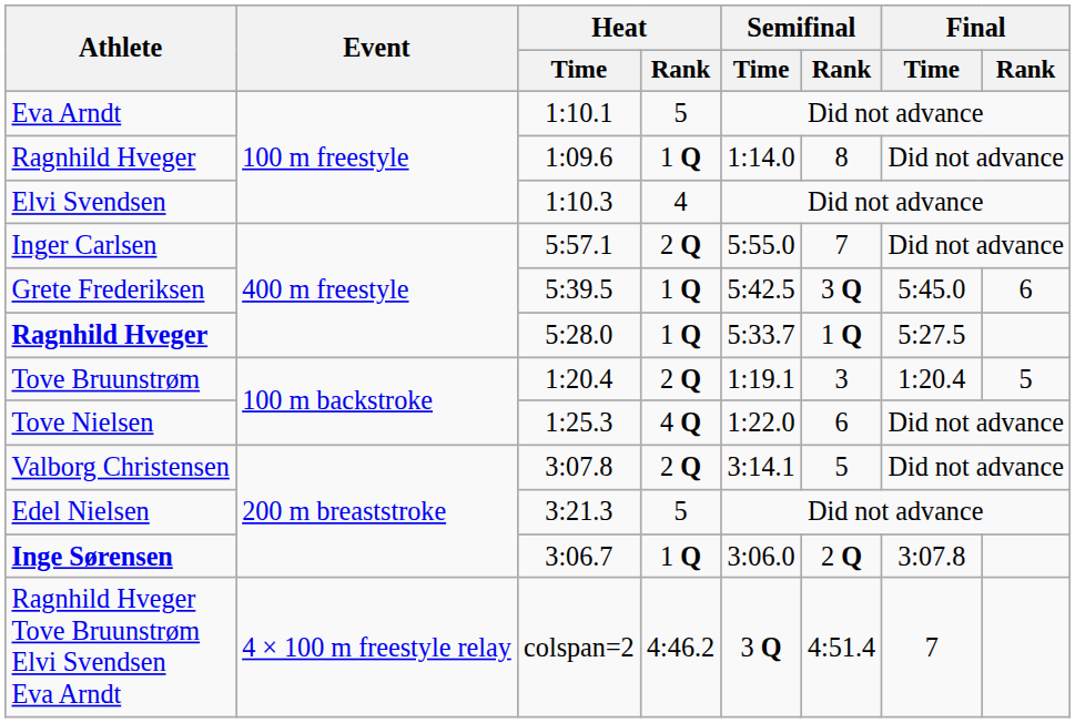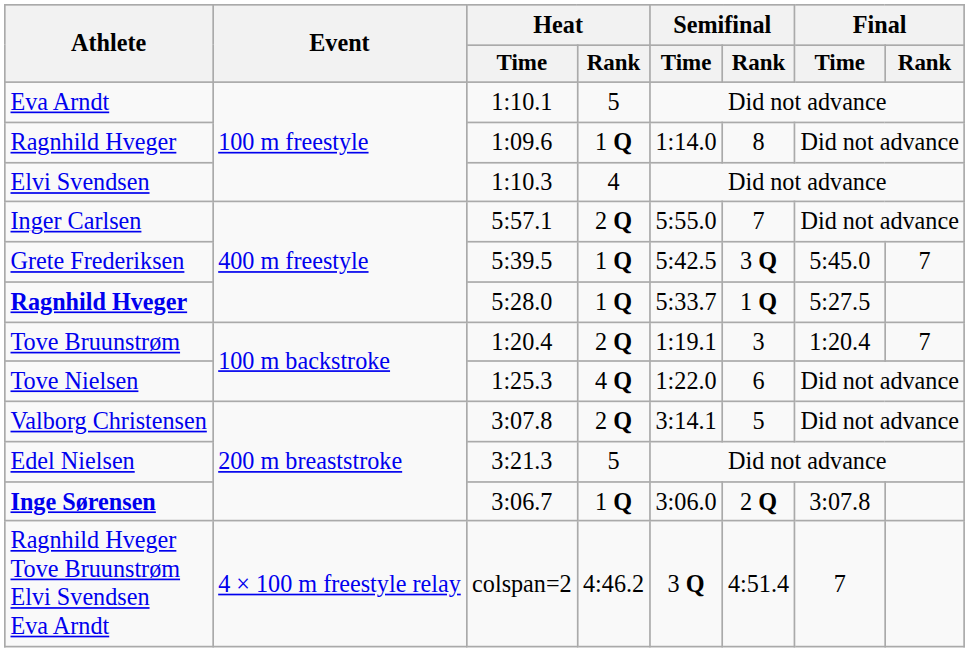 <table class=wikitable style="font-size:90%;">
 <tr>
 <th rowspan=2>Athlete</th>
 <th rowspan=2>Event</th>
 <th colspan=2>Heat</th>
 <th colspan=2>Semifinal</th>
 <th colspan=2>Final</th>
 </tr>
 <tr style="font-size:95%">
 <th>Time</th>
 <th>Rank</th>
 <th>Time</th>
 <th>Rank</th>
 <th>Time</th>
 <th>Rank</th>
 </tr>
 <tr align=center>
 <td align=left><a href='#'>Eva Arndt</a></td>
 <td rowspan=3 align=left><a href='#'>100 m freestyle</a></td>
 <td>1:10.1</td>
 <td>5</td>
 <td colspan=4>Did not advance</td>
 </tr>
 <tr align=center>
 <td align=left><a href='#'>Ragnhild Hveger</a></td>
 <td>1:09.6</td>
 <td>1 <strong>Q</strong></td>
 <td>1:14.0</td>
 <td>8</td>
 <td colspan=2>Did not advance</td>
 </tr>
 <tr align=center>
 <td align=left><a href='#'>Elvi Svendsen</a></td>
 <td>1:10.3</td>
 <td>4</td>
 <td colspan=4>Did not advance</td>
 </tr>
 <tr align=center>
 <td align=left><a href='#'>Inger Carlsen</a></td>
 <td rowspan=3 align=left><a href='#'>400 m freestyle</a></td>
 <td>5:57.1</td>
 <td>2 <strong>Q</strong></td>
 <td>5:55.0</td>
 <td>7</td>
 <td colspan=2>Did not advance</td>
 </tr>
 <tr align=center>
 <td align=left><a href='#'>Grete Frederiksen</a></td>
 <td>5:39.5</td>
 <td>1 <strong>Q</strong></td>
 <td>5:42.5</td>
 <td>3 <strong>Q</strong></td>
 <td>5:45.0</td>
-<td>6</td>
+<td>7</td>
 </tr>
 <tr align=center>
 <td align=left><strong><a href='#'>Ragnhild Hveger</a></strong></td>
 <td>5:28.0 </td>
 <td>1 <strong>Q</strong></td>
 <td>5:33.7</td>
 <td>1 <strong>Q</strong></td>
 <td>5:27.5</td>
 <td></td>
 </tr>
 <tr align=center>
 <td align=left><a href='#'>Tove Bruunstrøm</a></td>
 <td rowspan=2 align=left><a href='#'>100 m backstroke</a></td>
 <td>1:20.4</td>
 <td>2 <strong>Q</strong></td>
 <td>1:19.1</td>
 <td>3</td>
 <td>1:20.4</td>
-<td>5</td>
+<td>7</td>
 </tr>
 <tr align=center>
 <td align=left><a href='#'>Tove Nielsen</a></td>
 <td>1:25.3</td>
 <td>4 <strong>Q</strong></td>
 <td>1:22.0</td>
 <td>6</td>
 <td colspan=2>Did not advance</td>
 </tr>
 <tr align=center>
 <td align=left><a href='#'>Valborg Christensen</a></td>
 <td rowspan=3 align=left><a href='#'>200 m breaststroke</a></td>
 <td>3:07.8</td>
 <td>2 <strong>Q</strong></td>
 <td>3:14.1</td>
 <td>5</td>
 <td colspan=2>Did not advance</td>
 </tr>
 <tr align=center>
 <td align=left><a href='#'>Edel Nielsen</a></td>
 <td>3:21.3</td>
 <td>5</td>
 <td colspan=4>Did not advance</td>
 </tr>
 <tr align=center>
 <td align=left><strong><a href='#'>Inge Sørensen</a></strong></td>
 <td>3:06.7</td>
 <td>1 <strong>Q</strong></td>
 <td>3:06.0</td>
 <td>2 <strong>Q</strong></td>
 <td>3:07.8</td>
 <td></td>
 </tr>
 <tr align=center>
 <td align=left><a href='#'>Ragnhild Hveger</a><br><a href='#'>Tove Bruunstrøm</a><br><a href='#'>Elvi Svendsen</a><br><a href='#'>Eva Arndt</a></td>
 <td align=left><a href='#'>4 × 100 m freestyle relay</a></td>
 <td>colspan=2 </td>
 <td>4:46.2</td>
 <td>3 <strong>Q</strong></td>
 <td>4:51.4</td>
 <td>7</td>
 </tr>
 </table>
